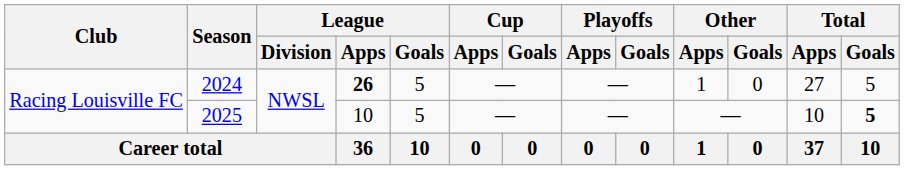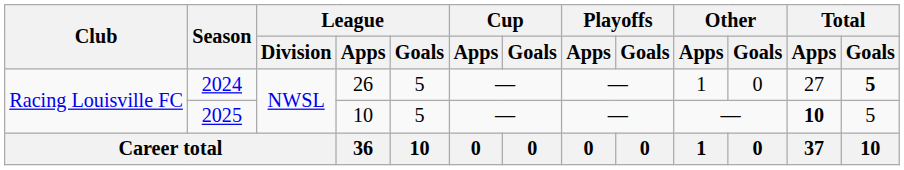 <table class="wikitable" style="text-align:center">
 <tr>
 <th rowspan="2">Club</th>
 <th rowspan="2">Season</th>
 <th colspan="3">League</th>
 <th colspan="2">Cup</th>
 <th colspan="2">Playoffs</th>
 <th colspan="2">Other</th>
 <th colspan="2">Total</th>
 </tr>
 <tr>
 <th>Division</th>
 <th>Apps</th>
 <th>Goals</th>
 <th>Apps</th>
 <th>Goals</th>
 <th>Apps</th>
 <th>Goals</th>
 <th>Apps</th>
 <th>Goals</th>
 <th>Apps</th>
 <th>Goals</th>
 </tr>
 <tr>
 <td rowspan="2"><a href='#'>Racing Louisville FC</a></td>
 <td><a href='#'>2024</a></td>
 <td rowspan="2"><a href='#'>NWSL</a></td>
-<td><strong>26</strong></td>
+<td>26</td>
 <td>5</td>
 <td colspan="2">—</td>
 <td colspan="2">—</td>
 <td>1</td>
 <td>0</td>
 <td>27</td>
-<td>5</td>
+<td><strong>5</strong></td>
 </tr>
 <tr>
 <td><a href='#'>2025</a></td>
 <td>10</td>
 <td>5</td>
 <td colspan="2">—</td>
 <td colspan="2">—</td>
 <td colspan="2">—</td>
-<td>10</td>
-<td><strong>5</strong></td>
+<td><strong>10</strong></td>
+<td>5</td>
 </tr>
 <tr>
 <th colspan="3">Career total</th>
 <th>36</th>
 <th>10</th>
 <th>0</th>
 <th>0</th>
 <th>0</th>
 <th>0</th>
 <th>1</th>
 <th>0</th>
 <th>37</th>
 <th>10</th>
 </tr>
 </table>
